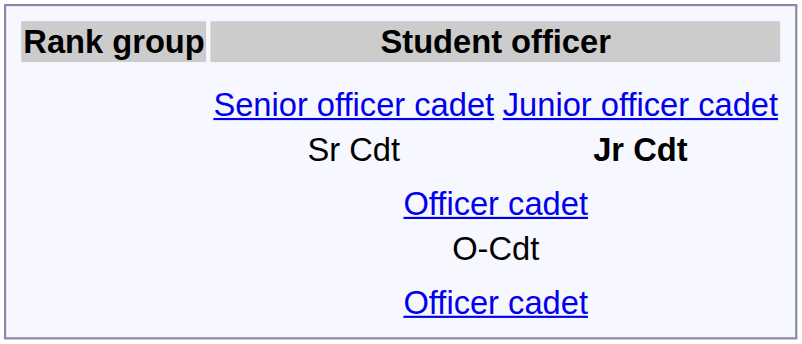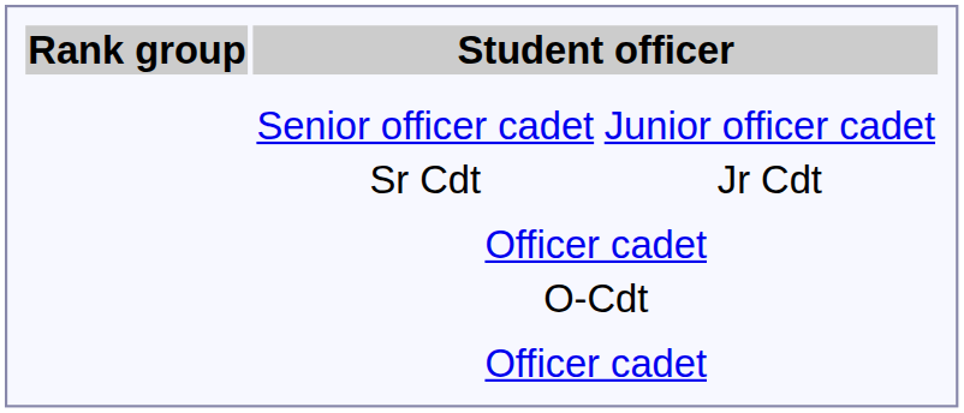 <table style="border:1px solid #8888aa; background-color:#f7f8ff; padding:5px; font-size:95%; margin: 0px 12px 12px 0px; text-align:center;">
 <tr bgcolor="#CCCCCC">
 <th>Rank group</th>
 <th colspan=2>Student officer</th>
 </tr>
 <tr>
 <td rowspan=4><strong></strong></td>
 <td></td>
 <td></td>
 </tr>
 <tr>
 <td></td>
 <td></td>
 </tr>
 <tr>
 <td><a href='#'>Senior officer cadet</a><br></td>
 <td><a href='#'>Junior officer cadet</a><br></td>
 </tr>
 <tr>
 <td>Sr Cdt</td>
-<td><strong>Jr Cdt</strong></td>
+<td>Jr Cdt</td>
 </tr>
 <tr>
 <td rowspan=3><strong></strong></td>
 <td colspan=2></td>
 </tr>
 <tr>
 <td colspan=2><a href='#'>Officer cadet</a><br></td>
 </tr>
 <tr>
 <td colspan=2>O-Cdt</td>
 </tr>
 <tr>
 <td rowspan=2><strong></strong></td>
 <td colspan=2></td>
 </tr>
 <tr>
 <td colspan=2><a href='#'>Officer cadet</a><br></td>
 </tr>
 </table>
